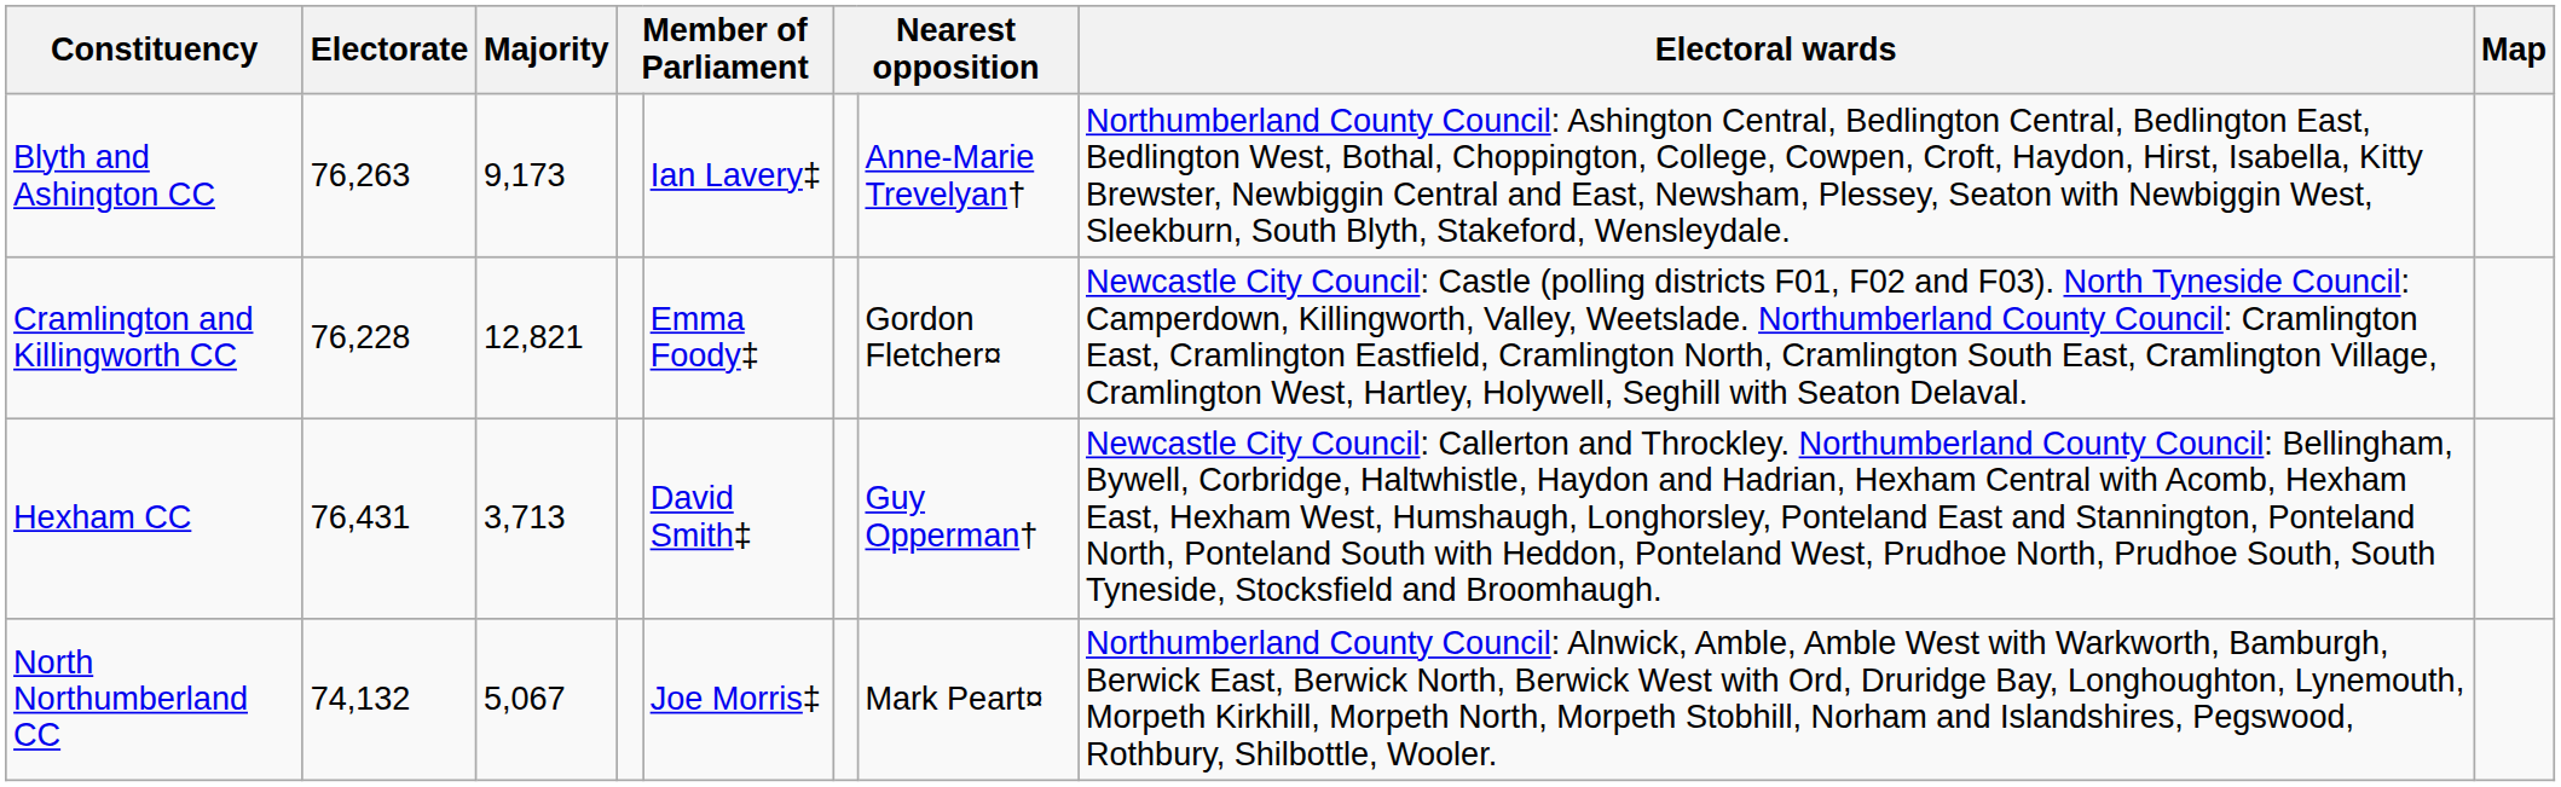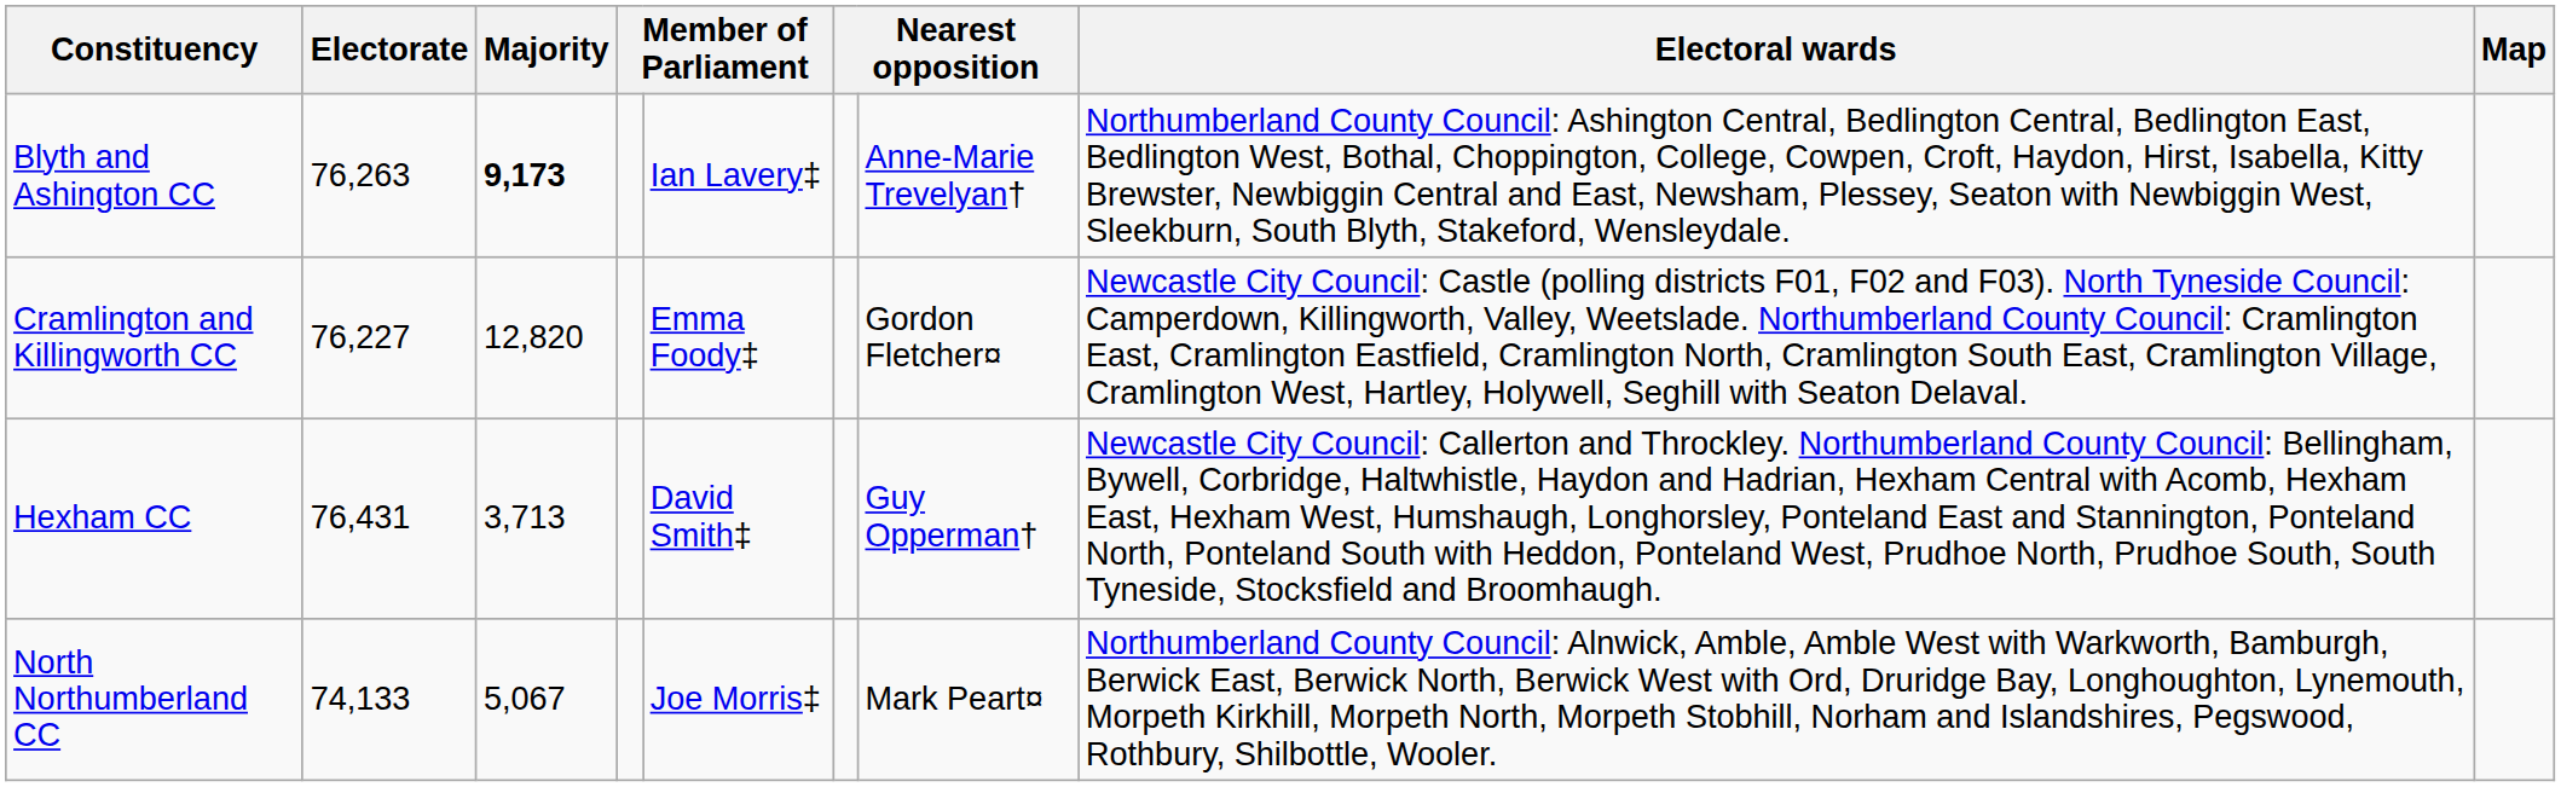 <table class="wikitable sortable">
 <tr>
 <th rowspan="1">Constituency</th>
 <th rowspan="1">Electorate</th>
 <th rowspan="1">Majority</th>
 <th class="unsortable" colspan="2">Member of Parliament</th>
 <th class="unsortable" colspan="2">Nearest opposition</th>
 <th class="unsortable" rowspan="1">Electoral wards</th>
 <th class="unsortable" rowspan="1">Map</th>
 </tr>
 <tr>
 <td><a href='#'>Blyth and Ashington CC</a></td>
 <td>76,263</td>
-<td>9,173</td>
+<td><strong>9,173</strong></td>
 <td style="color:inherit;background:"> </td>
 <td><a href='#'>Ian Lavery</a>‡</td>
 <td style="color:inherit;background:"> </td>
 <td><a href='#'>Anne-Marie Trevelyan</a>†</td>
 <td><a href='#'>Northumberland County Council</a>: Ashington Central, Bedlington Central, Bedlington East, Bedlington West, Bothal, Choppington, College, Cowpen, Croft, Haydon, Hirst, Isabella, Kitty Brewster, Newbiggin Central and East, Newsham, Plessey, Seaton with Newbiggin West, Sleekburn, South Blyth, Stakeford, Wensleydale.</td>
 <td></td>
 </tr>
 <tr>
 <td><a href='#'>Cramlington and Killingworth CC</a></td>
-<td>76,228</td>
-<td>12,821</td>
+<td>76,227</td>
+<td>12,820</td>
 <td style="color:inherit;background:"> </td>
 <td><a href='#'>Emma Foody</a>‡</td>
 <td style="color:inherit;background:"> </td>
 <td>Gordon Fletcher¤</td>
 <td><a href='#'>Newcastle City Council</a>: Castle (polling districts F01, F02 and F03). <a href='#'>North Tyneside Council</a>: Camperdown, Killingworth, Valley, Weetslade. <a href='#'>Northumberland County Council</a>: Cramlington East, Cramlington Eastfield, Cramlington North, Cramlington South East, Cramlington Village, Cramlington West, Hartley, Holywell, Seghill with Seaton Delaval.</td>
 <td></td>
 </tr>
 <tr>
 <td><a href='#'>Hexham CC</a></td>
 <td>76,431</td>
 <td>3,713</td>
 <td style="color:inherit;background:"></td>
 <td><a href='#'>David Smith</a>‡</td>
 <td style="color:inherit;background:"> </td>
 <td><a href='#'>Guy Opperman</a>†</td>
 <td><a href='#'>Newcastle City Council</a>: Callerton and Throckley. <a href='#'>Northumberland County Council</a>: Bellingham, Bywell, Corbridge, Haltwhistle, Haydon and Hadrian, Hexham Central with Acomb, Hexham East, Hexham West, Humshaugh, Longhorsley, Ponteland East and Stannington, Ponteland North, Ponteland South with Heddon, Ponteland West, Prudhoe North, Prudhoe South, South Tyneside, Stocksfield and Broomhaugh.</td>
 <td></td>
 </tr>
 <tr>
 <td><a href='#'>North Northumberland CC</a></td>
-<td>74,132</td>
+<td>74,133</td>
 <td>5,067</td>
 <td style="color:inherit;background:"> </td>
 <td><a href='#'>Joe Morris</a>‡</td>
 <td style="color:inherit;background:"> </td>
 <td>Mark Peart¤</td>
 <td><a href='#'>Northumberland County Council</a>: Alnwick, Amble, Amble West with Warkworth, Bamburgh, Berwick East, Berwick North, Berwick West with Ord, Druridge Bay, Longhoughton, Lynemouth, Morpeth Kirkhill, Morpeth North, Morpeth Stobhill, Norham and Islandshires, Pegswood, Rothbury, Shilbottle, Wooler.</td>
 <td></td>
 </tr>
 </table>
